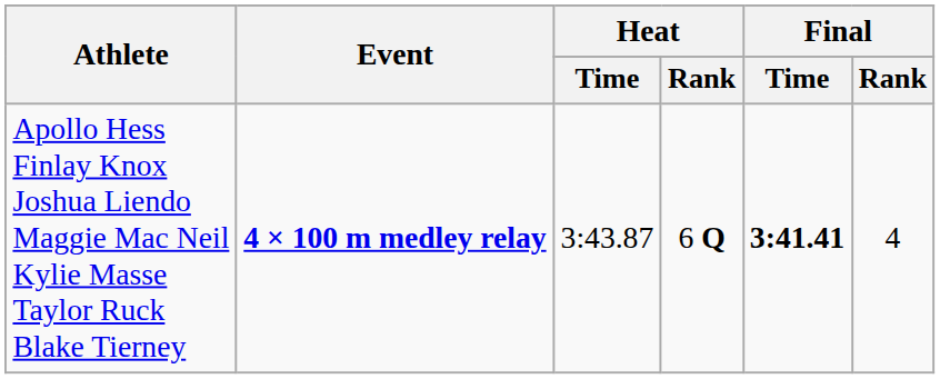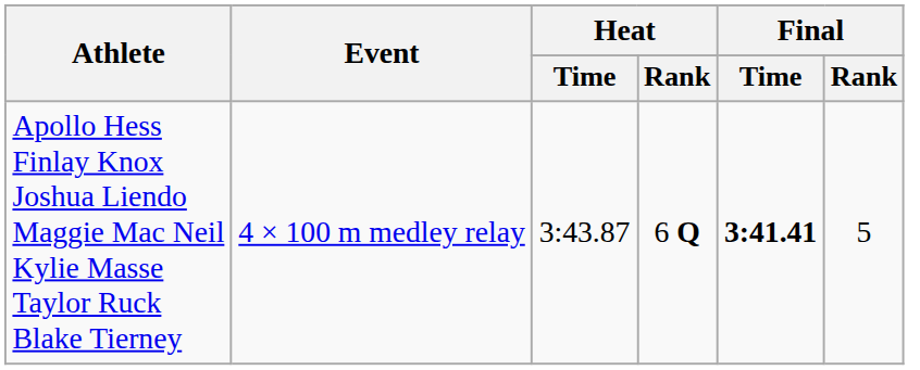 <table class=wikitable style=font-size:90%>
 <tr>
 <th rowspan=2>Athlete</th>
 <th rowspan=2>Event</th>
 <th colspan=2>Heat</th>
 <th colspan=2>Final</th>
 </tr>
 <tr style=font-size:95%>
 <th>Time</th>
 <th>Rank</th>
 <th>Time</th>
 <th>Rank</th>
 </tr>
 <tr align=center>
 <td align=left><a href='#'>Apollo Hess</a><br><a href='#'>Finlay Knox</a><br><a href='#'>Joshua Liendo</a><br><a href='#'>Maggie Mac Neil</a><br><a href='#'>Kylie Masse</a><br><a href='#'>Taylor Ruck</a><br><a href='#'>Blake Tierney</a></td>
-<td align=left><strong><a href='#'>4 × 100 m medley relay</a></strong></td>
+<td align=left><a href='#'>4 × 100 m medley relay</a></td>
 <td>3:43.87</td>
 <td>6 <strong>Q</strong></td>
 <td><strong>3:41.41</strong></td>
-<td>4</td>
+<td>5</td>
 </tr>
 </table>
